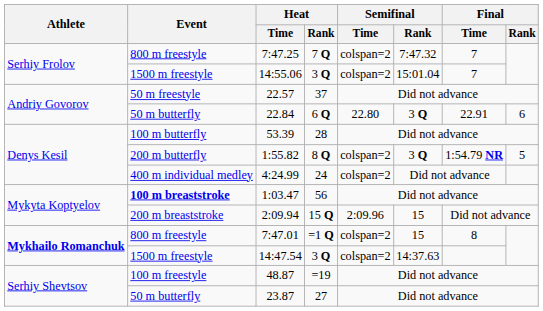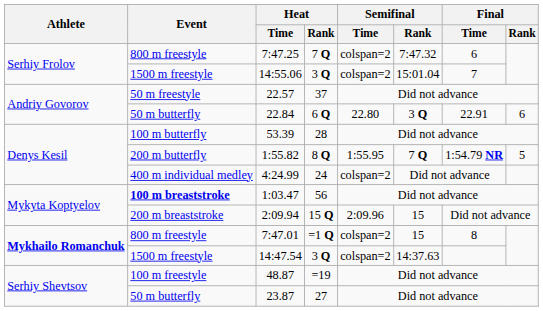 <table class="wikitable" style="text-align:center; font-size:90%">
 <tr>
 <th rowspan="2">Athlete</th>
 <th rowspan="2">Event</th>
 <th colspan="2">Heat</th>
 <th colspan="2">Semifinal</th>
 <th colspan="2">Final</th>
 </tr>
 <tr style="font-size:95%">
 <th>Time</th>
 <th>Rank</th>
 <th>Time</th>
 <th>Rank</th>
 <th>Time</th>
 <th>Rank</th>
 </tr>
 <tr>
 <td align=left rowspan=2><a href='#'>Serhiy Frolov</a></td>
 <td align=left><a href='#'>800 m freestyle</a></td>
 <td>7:47.25</td>
 <td>7 <strong>Q</strong></td>
 <td>colspan=2 </td>
 <td>7:47.32</td>
-<td>7</td>
+<td>6</td>
 </tr>
 <tr>
 <td align=left><a href='#'>1500 m freestyle</a></td>
 <td>14:55.06</td>
 <td>3 <strong>Q</strong></td>
 <td>colspan=2 </td>
 <td>15:01.04</td>
 <td>7</td>
 </tr>
 <tr>
 <td align=left rowspan=2><a href='#'>Andriy Govorov</a></td>
 <td align=left><a href='#'>50 m freestyle</a></td>
 <td>22.57</td>
 <td>37</td>
 <td colspan=4>Did not advance</td>
 </tr>
 <tr>
 <td align=left><a href='#'>50 m butterfly</a></td>
 <td>22.84</td>
 <td>6 <strong>Q</strong></td>
 <td>22.80</td>
 <td>3 <strong>Q</strong></td>
 <td>22.91</td>
 <td>6</td>
 </tr>
 <tr>
 <td align=left rowspan=3><a href='#'>Denys Kesil</a></td>
 <td align=left><a href='#'>100 m butterfly</a></td>
 <td>53.39</td>
 <td>28</td>
 <td colspan=4>Did not advance</td>
 </tr>
 <tr>
 <td align=left><a href='#'>200 m butterfly</a></td>
 <td>1:55.82</td>
 <td>8 <strong>Q</strong></td>
-<td>colspan=2 </td>
-<td>3 <strong>Q</strong></td>
+<td>1:55.95</td>
+<td>7 <strong>Q</strong></td>
 <td>1:54.79 <strong><a href='#'>NR</a></strong></td>
 <td>5</td>
 </tr>
 <tr>
 <td align=left><a href='#'>400 m individual medley</a></td>
 <td>4:24.99</td>
 <td>24</td>
 <td>colspan=2 </td>
 <td colspan=2>Did not advance</td>
 </tr>
 <tr>
 <td align=left rowspan=2><a href='#'>Mykyta Koptyelov</a></td>
 <td align=left><strong><a href='#'>100 m breaststroke</a></strong></td>
 <td>1:03.47</td>
 <td>56</td>
 <td colspan=4>Did not advance</td>
 </tr>
 <tr>
 <td align=left><a href='#'>200 m breaststroke</a></td>
 <td>2:09.94</td>
 <td>15 <strong>Q</strong></td>
 <td>2:09.96</td>
 <td>15</td>
 <td colspan=2>Did not advance</td>
 </tr>
 <tr>
 <td align=left rowspan=2><strong><a href='#'>Mykhailo Romanchuk</a></strong></td>
 <td align=left><a href='#'>800 m freestyle</a></td>
 <td>7:47.01</td>
 <td>=1 <strong>Q</strong></td>
 <td>colspan=2 </td>
 <td>15</td>
 <td>8</td>
 </tr>
 <tr>
 <td align=left><a href='#'>1500 m freestyle</a></td>
 <td>14:47.54</td>
 <td>3 <strong>Q</strong></td>
 <td>colspan=2 </td>
 <td>14:37.63</td>
 <td></td>
 </tr>
 <tr>
 <td align=left rowspan=2><a href='#'>Serhiy Shevtsov</a></td>
 <td align=left><a href='#'>100 m freestyle</a></td>
 <td>48.87</td>
 <td>=19</td>
 <td colspan=4>Did not advance</td>
 </tr>
 <tr>
 <td align=left><a href='#'>50 m butterfly</a></td>
 <td>23.87</td>
 <td>27</td>
 <td colspan=4>Did not advance</td>
 </tr>
 </table>
